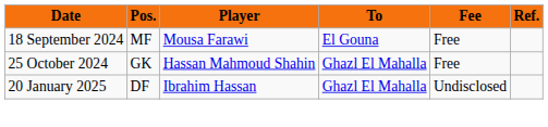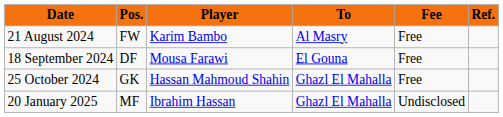 <table class="wikitable plainrowheaders sortable">
 <tr>
 <th style="background:#f5720f; color:#000000; ">Date</th>
 <th style="background:#f5720f; color:#000000; ">Pos.</th>
 <th style="background:#f5720f; color:#000000; ">Player</th>
 <th style="background:#f5720f; color:#000000; ">To</th>
 <th style="background:#f5720f; color:#000000; ">Fee</th>
 <th style="background:#f5720f; color:#000000; ">Ref.</th>
 </tr>
 <tr>
+<td>21 August 2024</td>
+<td>FW</td>
+<td> <a href='#'>Karim Bambo</a></td>
+<td> <a href='#'>Al Masry</a></td>
+<td>Free</td>
+<td></td>
+</tr>
+<tr>
 <td>18 September 2024</td>
-<td>MF</td>
+<td>DF</td>
 <td> <a href='#'>Mousa Farawi</a></td>
 <td> <a href='#'>El Gouna</a></td>
 <td>Free</td>
 <td></td>
 </tr>
 <tr>
 <td>25 October 2024</td>
 <td>GK</td>
 <td> <a href='#'>Hassan Mahmoud Shahin</a></td>
 <td> <a href='#'>Ghazl El Mahalla</a></td>
 <td>Free</td>
 <td></td>
 </tr>
 <tr>
 <td>20 January 2025</td>
-<td>DF</td>
+<td>MF</td>
 <td> <a href='#'>Ibrahim Hassan</a></td>
 <td> <a href='#'>Ghazl El Mahalla</a></td>
 <td>Undisclosed</td>
 <td></td>
 </tr>
 </table>
